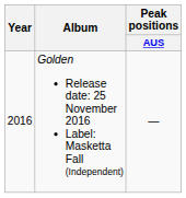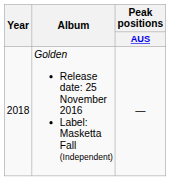 <table class="wikitable" style="text-align:center">
 <tr>
 <th rowspan="2" width="10">Year</th>
 <th rowspan="2" width="120">Album</th>
 <th colspan="1" width="20">Peak positions</th>
 </tr>
 <tr>
 <th scope="col" style="width:3em;font-size:90%;"><a href='#'>AUS</a><br></th>
 </tr>
 <tr>
-<td>2016</td>
+<td>2018</td>
 <td align="left"><em>Golden</em><br><ul><li>Release date: 25 November 2016</li><li>Label: Masketta Fall <small>(Independent)</small></li></ul></td>
 <td>—</td>
 </tr>
 </table>
